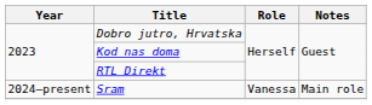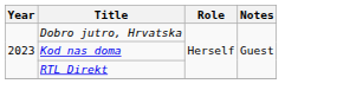 <table class="wikitable sortable">
 <tr>
 <th>Year</th>
 <th>Title</th>
 <th>Role</th>
 <th class="unsortable">Notes</th>
 </tr>
 <tr>
 <td rowspan="3">2023</td>
 <td><em>Dobro jutro, Hrvatska</em></td>
 <td rowspan="3">Herself</td>
 <td rowspan="3">Guest</td>
 </tr>
 <tr>
 <td><em><a href='#'>Kod nas doma</a></em></td>
 </tr>
 <tr>
 <td><em><a href='#'>RTL Direkt</a></em></td>
 </tr>
 <tr>
-<td>2024–present</td>
-<td><em><a href='#'>Sram</a></em></td>
-<td>Vanessa</td>
-<td>Main role</td>
-</tr>
-<tr>
 </tr>
 </table>
